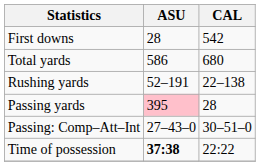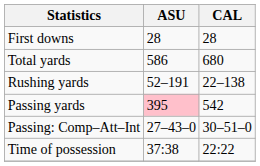 <table class="wikitable" style="float: left;">
 <tr>
 <th>Statistics</th>
 <th>ASU</th>
 <th>CAL</th>
 </tr>
 <tr>
 <td>First downs</td>
 <td>28</td>
-<td>542</td>
+<td>28</td>
 </tr>
 <tr>
 <td>Total yards</td>
 <td>586</td>
 <td>680</td>
 </tr>
 <tr>
 <td>Rushing yards</td>
 <td>52–191</td>
 <td>22–138</td>
 </tr>
 <tr>
 <td>Passing yards</td>
 <td style="background: pink;">395</td>
-<td>28</td>
+<td>542</td>
 </tr>
 <tr>
 <td>Passing: Comp–Att–Int</td>
 <td>27–43–0</td>
 <td>30–51–0</td>
 </tr>
 <tr>
 <td>Time of possession</td>
-<td><strong>37:38</strong></td>
+<td>37:38</td>
 <td>22:22</td>
 </tr>
 <tr>
 </tr>
 </table>
